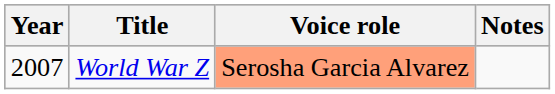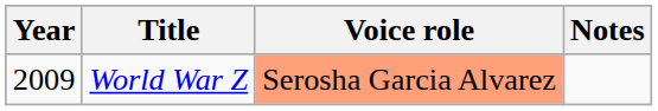 <table class="wikitable">
 <tr>
 <th>Year</th>
 <th>Title</th>
 <th>Voice role</th>
 <th>Notes</th>
 </tr>
 <tr>
-<td>2007</td>
+<td>2009</td>
 <td><em><a href='#'>World War Z</a></em></td>
 <td style="background: lightsalmon;">Serosha Garcia Alvarez</td>
 <td></td>
 </tr>
 </table>
